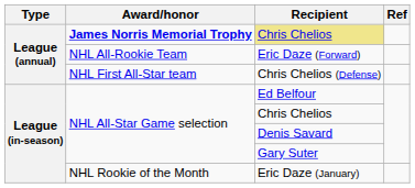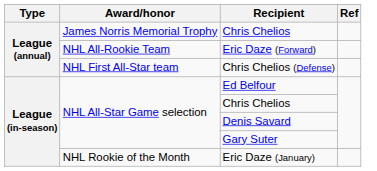 <table class="wikitable">
 <tr>
 <th scope="col">Type</th>
 <th scope="col">Award/honor</th>
 <th scope="col">Recipient</th>
 <th scope="col">Ref</th>
 </tr>
 <tr>
 <th scope="row" rowspan="3">League<br><small>(annual)</small></th>
-<td><strong><a href='#'>James Norris Memorial Trophy</a></strong></td>
-<td style="background: khaki;"><a href='#'>Chris Chelios</a></td>
+<td><a href='#'>James Norris Memorial Trophy</a></td>
+<td><a href='#'>Chris Chelios</a></td>
 <td></td>
 </tr>
 <tr>
 <td><a href='#'>NHL All-Rookie Team</a></td>
 <td><a href='#'>Eric Daze</a> <small>(<a href='#'>Forward</a>)</small></td>
 <td></td>
 </tr>
 <tr>
 <td><a href='#'>NHL First All-Star team</a></td>
 <td>Chris Chelios <small>(<a href='#'>Defense</a>)</small></td>
 <td></td>
 </tr>
 <tr>
 <th scope="row" rowspan=5>League<br><small>(in-season)</small></th>
 <td rowspan=4><a href='#'>NHL All-Star Game</a> selection</td>
 <td><a href='#'>Ed Belfour</a></td>
 <td rowspan=4></td>
 </tr>
 <tr>
 <td>Chris Chelios</td>
 </tr>
 <tr>
 <td><a href='#'>Denis Savard</a></td>
 </tr>
 <tr>
 <td><a href='#'>Gary Suter</a></td>
 </tr>
 <tr>
 <td>NHL Rookie of the Month</td>
 <td>Eric Daze <small>(January)</small></td>
 <td></td>
 </tr>
 </table>
